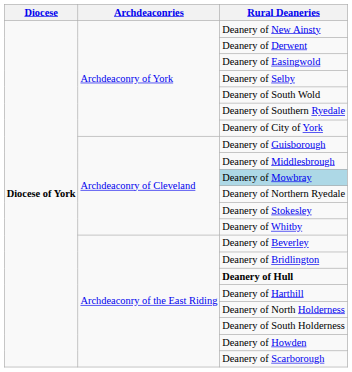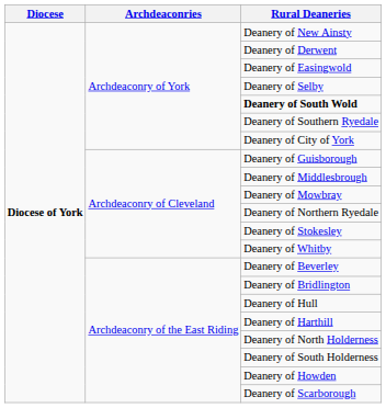 <table class="wikitable sortable">
 <tr>
 <th><a href='#'>Diocese</a></th>
 <th><a href='#'>Archdeaconries</a></th>
 <th><a href='#'>Rural Deaneries</a></th>
 </tr>
 <tr>
 <td rowspan="21"><strong>Diocese of York</strong></td>
 <td rowspan="7"><a href='#'>Archdeaconry of York</a></td>
 <td>Deanery of <a href='#'>New Ainsty</a></td>
 </tr>
 <tr>
 <td>Deanery of <a href='#'>Derwent</a></td>
 </tr>
 <tr>
 <td>Deanery of <a href='#'>Easingwold</a></td>
 </tr>
 <tr>
 <td>Deanery of <a href='#'>Selby</a></td>
 </tr>
 <tr>
-<td>Deanery of South Wold</td>
+<td><strong>Deanery of South Wold</strong></td>
 </tr>
 <tr>
 <td>Deanery of Southern <a href='#'>Ryedale</a></td>
 </tr>
 <tr>
 <td>Deanery of City of <a href='#'>York</a></td>
 </tr>
 <tr>
 <td rowspan="6"><a href='#'>Archdeaconry of Cleveland</a></td>
 <td>Deanery of <a href='#'>Guisborough</a></td>
 </tr>
 <tr>
 <td>Deanery of <a href='#'>Middlesbrough</a></td>
 </tr>
 <tr>
-<td style="background: lightblue;">Deanery of <a href='#'>Mowbray</a></td>
+<td>Deanery of <a href='#'>Mowbray</a></td>
 </tr>
 <tr>
 <td>Deanery of Northern Ryedale</td>
 </tr>
 <tr>
 <td>Deanery of <a href='#'>Stokesley</a></td>
 </tr>
 <tr>
 <td>Deanery of <a href='#'>Whitby</a></td>
 </tr>
 <tr>
 <td rowspan="8"><a href='#'>Archdeaconry of the East Riding</a></td>
 <td>Deanery of <a href='#'>Beverley</a></td>
 </tr>
 <tr>
 <td>Deanery of <a href='#'>Bridlington</a></td>
 </tr>
 <tr>
-<td><strong>Deanery of Hull</strong></td>
+<td>Deanery of Hull</td>
 </tr>
 <tr>
 <td>Deanery of <a href='#'>Harthill</a></td>
 </tr>
 <tr>
 <td>Deanery of North <a href='#'>Holderness</a></td>
 </tr>
 <tr>
 <td>Deanery of South Holderness</td>
 </tr>
 <tr>
 <td>Deanery of <a href='#'>Howden</a></td>
 </tr>
 <tr>
 <td>Deanery of <a href='#'>Scarborough</a></td>
 </tr>
 </table>
